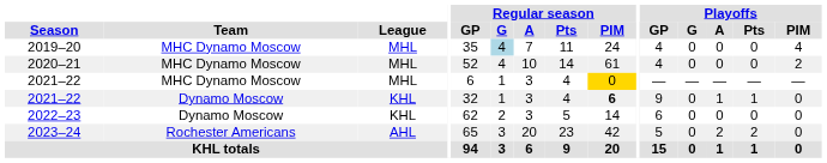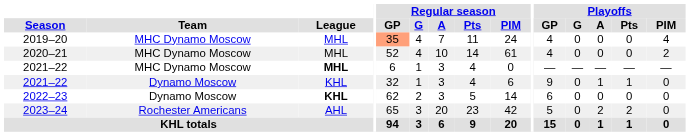 <table border="0" cellpadding="1" cellspacing="0" style="text-align:center; width:60em">
 <tr bgcolor="#e0e0e0">
 <th colspan="3" bgcolor="#ffffff"></th>
 <th rowspan="99" bgcolor="#ffffff"></th>
 <th colspan="5"><a href='#'>Regular season</a></th>
 <th rowspan="99" bgcolor="#ffffff"></th>
 <th colspan="5"><a href='#'>Playoffs</a></th>
 </tr>
 <tr bgcolor="#e0e0e0">
 <th><a href='#'>Season</a></th>
 <th>Team</th>
 <th>League</th>
 <th>GP</th>
 <th><a href='#'>G</a></th>
 <th><a href='#'>A</a></th>
 <th><a href='#'>Pts</a></th>
 <th><a href='#'>PIM</a></th>
 <th>GP</th>
 <th>G</th>
 <th>A</th>
 <th>Pts</th>
 <th>PIM</th>
 </tr>
 <tr>
 <td>2019–20</td>
 <td><a href='#'>MHC Dynamo Moscow</a></td>
 <td><a href='#'>MHL</a></td>
-<td>35</td>
-<td style="background: lightblue;">4</td>
+<td style="background: lightsalmon;">35</td>
+<td>4</td>
 <td>7</td>
 <td>11</td>
 <td>24</td>
 <td>4</td>
 <td>0</td>
 <td>0</td>
 <td>0</td>
 <td>4</td>
 </tr>
 <tr bgcolor="#f0f0f0">
 <td>2020–21</td>
 <td>MHC Dynamo Moscow</td>
 <td>MHL</td>
 <td>52</td>
 <td>4</td>
 <td>10</td>
 <td>14</td>
 <td>61</td>
 <td>4</td>
 <td>0</td>
 <td>0</td>
 <td>0</td>
 <td>2</td>
 </tr>
 <tr>
 <td>2021–22</td>
 <td>MHC Dynamo Moscow</td>
-<td>MHL</td>
+<td><strong>MHL</strong></td>
 <td>6</td>
 <td>1</td>
 <td>3</td>
 <td>4</td>
-<td style="background: gold;">0</td>
+<td>0</td>
 <td>—</td>
 <td>—</td>
 <td>—</td>
 <td>—</td>
 <td>—</td>
 </tr>
 <tr bgcolor="#f0f0f0">
 <td><a href='#'>2021–22</a></td>
 <td><a href='#'>Dynamo Moscow</a></td>
 <td><a href='#'>KHL</a></td>
 <td>32</td>
 <td>1</td>
 <td>3</td>
 <td>4</td>
-<td><strong>6</strong></td>
+<td>6</td>
 <td>9</td>
 <td>0</td>
 <td>1</td>
 <td>1</td>
 <td>0</td>
 </tr>
 <tr>
 <td><a href='#'>2022–23</a></td>
 <td>Dynamo Moscow</td>
-<td>KHL</td>
+<td><strong>KHL</strong></td>
 <td>62</td>
 <td>2</td>
 <td>3</td>
 <td>5</td>
 <td>14</td>
 <td>6</td>
 <td>0</td>
 <td>0</td>
 <td>0</td>
 <td>0</td>
 </tr>
 <tr bgcolor="#f0f0f0">
 <td><a href='#'>2023–24</a></td>
 <td><a href='#'>Rochester Americans</a></td>
 <td><a href='#'>AHL</a></td>
 <td>65</td>
 <td>3</td>
 <td>20</td>
 <td>23</td>
 <td>42</td>
 <td>5</td>
 <td>0</td>
 <td>2</td>
 <td>2</td>
 <td>0</td>
 </tr>
 <tr bgcolor="#e0e0e0">
 <th colspan="3">KHL totals</th>
 <th>94</th>
 <th>3</th>
 <th>6</th>
 <th>9</th>
 <th>20</th>
 <th>15</th>
 <th>0</th>
 <th>1</th>
 <th>1</th>
 <th>0</th>
 </tr>
 </table>
